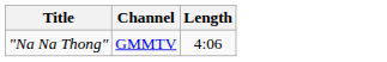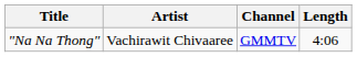 <table class="wikitable sortable plainrowheaders">
 <tr>
 <th scope="col">Title</th>
+<th scope="col">Artist</th>
 <th scope="col">Channel</th>
 <th scope="col" class="unsortable">Length</th>
 </tr>
 <tr>
 <td><em>"Na Na Thong"</em></td>
+<td>Vachirawit Chivaaree</td>
 <td><a href='#'>GMMTV</a></td>
 <td style="text-align: center;">4:06</td>
 </tr>
 </table>
